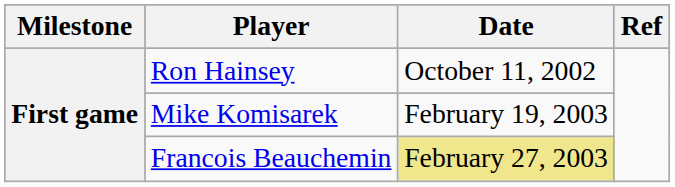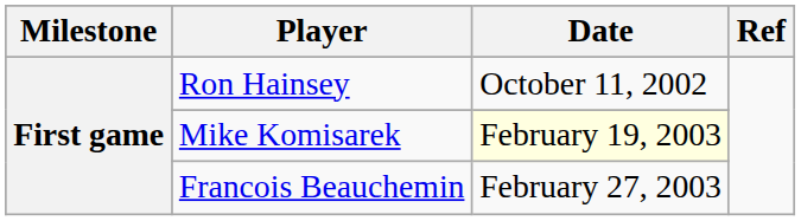 <table class="wikitable">
 <tr>
 <th scope="col">Milestone</th>
 <th scope="col">Player</th>
 <th scope="col">Date</th>
 <th scope="col">Ref</th>
 </tr>
 <tr>
 <th rowspan=3>First game</th>
 <td><a href='#'>Ron Hainsey</a></td>
 <td>October 11, 2002</td>
 <td rowspan=3></td>
 </tr>
 <tr>
 <td><a href='#'>Mike Komisarek</a></td>
-<td>February 19, 2003</td>
+<td style="background: lightyellow;">February 19, 2003</td>
 </tr>
 <tr>
 <td><a href='#'>Francois Beauchemin</a></td>
-<td style="background: khaki;">February 27, 2003</td>
+<td>February 27, 2003</td>
 </tr>
 </table>
